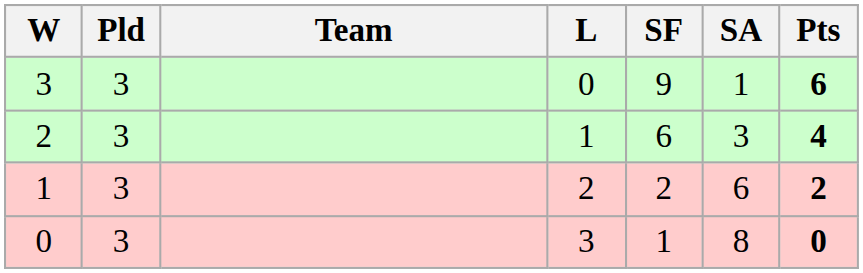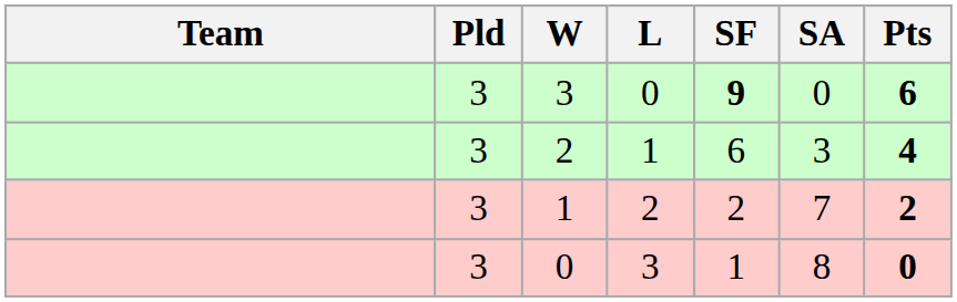 <table class="wikitable" style="text-align: center">
 <tr>
+<th width=180>Team</th>
+<th width=30>Pld</th>
 <th width=30>W</th>
-<th width=30>Pld</th>
-<th width=180>Team</th>
 <th width=30>L</th>
 <th width=30>SF</th>
 <th width=30>SA</th>
 <th width=30>Pts</th>
 </tr>
 <tr style="background:#cfc;">
+<td style="text-align:left;"></td>
 <td>3</td>
 <td>3</td>
-<td style="text-align:left;"></td>
 <td>0</td>
-<td>9</td>
-<td>1</td>
+<td><strong>9</strong></td>
+<td>0</td>
 <td><strong>6</strong></td>
 </tr>
 <tr style="background:#cfc;">
+<td style="text-align:left;"></td>
+<td>3</td>
 <td>2</td>
-<td>3</td>
-<td style="text-align:left;"></td>
 <td>1</td>
 <td>6</td>
 <td>3</td>
 <td><strong>4</strong></td>
 </tr>
 <tr style="background:#fcc;">
+<td style="text-align:left;"></td>
+<td>3</td>
 <td>1</td>
-<td>3</td>
-<td style="text-align:left;"></td>
 <td>2</td>
 <td>2</td>
-<td>6</td>
+<td>7</td>
 <td><strong>2</strong></td>
 </tr>
 <tr style="background:#fcc;">
+<td style="text-align:left;"></td>
+<td>3</td>
 <td>0</td>
-<td>3</td>
-<td style="text-align:left;"></td>
 <td>3</td>
 <td>1</td>
 <td>8</td>
 <td><strong>0</strong></td>
 </tr>
 </table>
